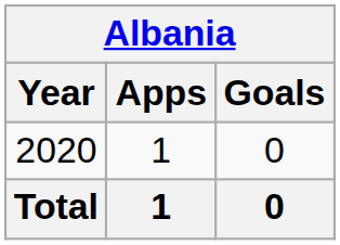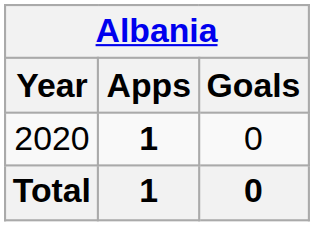 <table class="wikitable" style="text-align:center">
 <tr>
 <th colspan=3><a href='#'>Albania</a></th>
 </tr>
 <tr>
 <th>Year</th>
 <th>Apps</th>
 <th>Goals</th>
 </tr>
 <tr>
 <td>2020</td>
-<td>1</td>
+<td><strong>1</strong></td>
 <td>0</td>
 </tr>
 <tr>
 <th>Total</th>
 <th>1</th>
 <th>0</th>
 </tr>
 </table>
